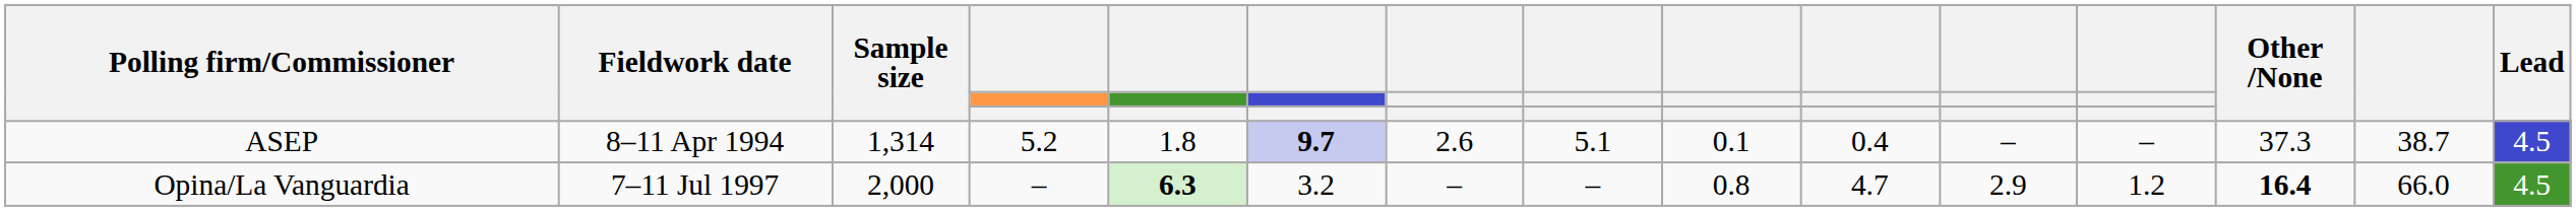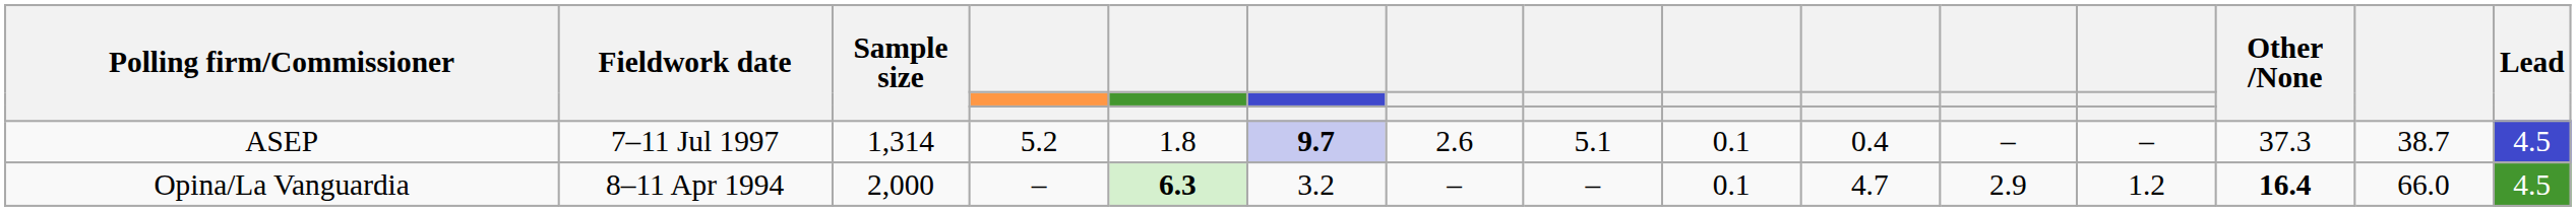 <table class="wikitable collapsible collapsed" style="text-align:center; font-size:90%; line-height:14px;">
 <tr style="height:42px;">
 <th style="width:260px;" rowspan="3">Polling firm/Commissioner</th>
 <th style="width:125px;" rowspan="3">Fieldwork date</th>
 <th style="width:60px;" rowspan="3">Sample size</th>
 <th style="width:60px;"></th>
 <th style="width:60px;"></th>
 <th style="width:60px;"></th>
 <th style="width:60px;"></th>
 <th style="width:60px;"></th>
 <th style="width:60px;"></th>
 <th style="width:60px;"></th>
 <th style="width:60px;"></th>
 <th style="width:60px;"></th>
 <th style="width:60px;" rowspan="3">Other<br>/None</th>
 <th style="width:60px;" rowspan="3"></th>
 <th style="width:30px;" rowspan="3">Lead</th>
 </tr>
 <tr>
 <th style="color:inherit;background:#FF9744;"></th>
 <th style="color:inherit;background:#43962E;"></th>
 <th style="color:inherit;background:#3F48CC;"></th>
 <th style="color:inherit;background:"></th>
 <th style="color:inherit;background:"></th>
 <th style="color:inherit;background:"></th>
 <th style="color:inherit;background:"></th>
 <th style="color:inherit;background:"></th>
 <th style="color:inherit;background:"></th>
 </tr>
 <tr>
 <th></th>
 <th></th>
 <th></th>
 <th></th>
 <th></th>
 <th></th>
 <th></th>
 <th></th>
 <th></th>
 </tr>
 <tr>
 <td>ASEP</td>
-<td>8–11 Apr 1994</td>
+<td>7–11 Jul 1997</td>
 <td>1,314</td>
 <td>5.2</td>
 <td>1.8</td>
 <td style="color:inherit;background:#C6C9F0;"><strong>9.7</strong></td>
 <td>2.6</td>
 <td>5.1</td>
 <td>0.1</td>
 <td>0.4</td>
 <td>–</td>
 <td>–</td>
 <td>37.3</td>
 <td>38.7</td>
 <td style="color:inherit;background:#3F48CC; color:white;">4.5</td>
 </tr>
 <tr>
 <td>Opina/La Vanguardia</td>
-<td>7–11 Jul 1997</td>
+<td>8–11 Apr 1994</td>
 <td>2,000</td>
 <td>–</td>
 <td style="color:inherit;background:#D5F0CE;"><strong>6.3</strong></td>
 <td>3.2</td>
 <td>–</td>
 <td>–</td>
-<td>0.8</td>
+<td>0.1</td>
 <td>4.7</td>
 <td>2.9</td>
 <td>1.2</td>
 <td><strong>16.4</strong></td>
 <td>66.0</td>
 <td style="color:inherit;background:#43962E; color:white;">4.5</td>
 </tr>
 </table>
